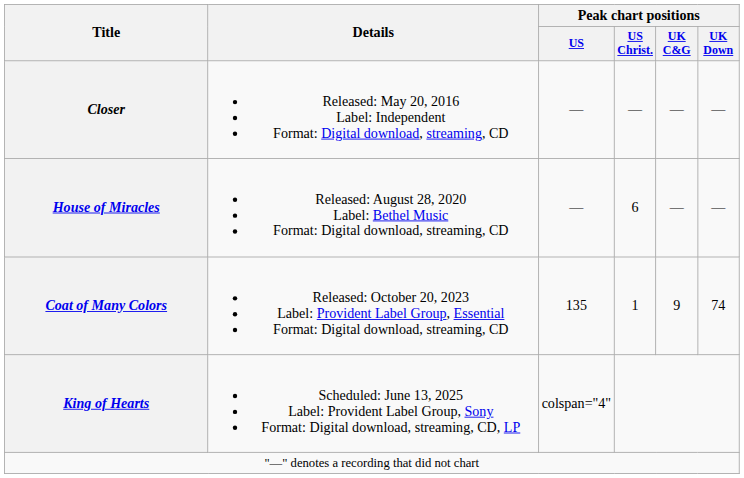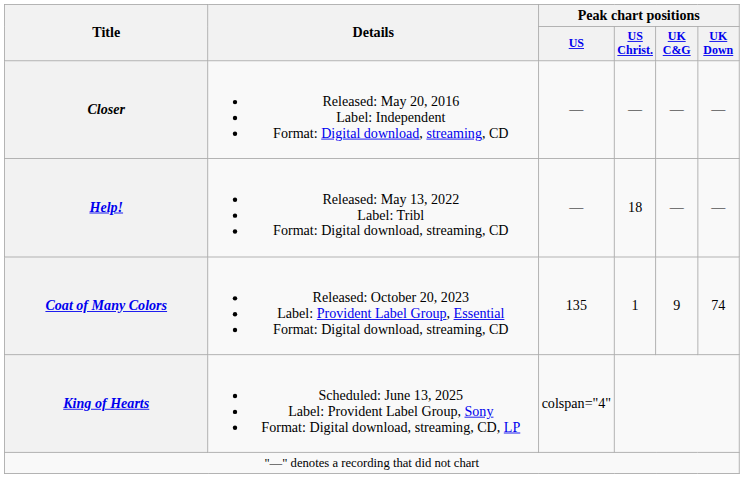 <table class="wikitable plainrowheaders" style="text-align:center;">
 <tr>
 <th scope="col" rowspan="2" style="width:14em;">Title</th>
 <th scope="col" rowspan="2" style="width:23em;">Details</th>
 <th scope="col" colspan="4">Peak chart positions</th>
 </tr>
 <tr>
 <th scope="col" style="width:3em;font-size:85%;"><a href='#'>US</a><br></th>
 <th scope="col" style="width:3em;font-size:85%;"><a href='#'>US<br>Christ.</a><br></th>
 <th scope="col" style="width:3em;font-size:85%;"><a href='#'>UK<br>C&G</a><br></th>
 <th scope="col" style="width:3em;font-size:85%;"><a href='#'>UK<br>Down</a><br></th>
 </tr>
 <tr>
 <th scope="row"><em>Closer</em></th>
 <td><br><ul><li>Released: May 20, 2016</li><li>Label: Independent</li><li>Format: <a href='#'>Digital download</a>, <a href='#'>streaming</a>, CD</li></ul></td>
 <td>—</td>
 <td>—</td>
 <td>—</td>
 <td>—</td>
 </tr>
 <tr>
-<th scope="row"><em><a href='#'>House of Miracles</a></em></th>
-<td><br><ul><li>Released: August 28, 2020</li><li>Label: <a href='#'>Bethel Music</a></li><li>Format: Digital download, streaming, CD</li></ul></td>
+<th scope="row"><em><a href='#'>Help!</a></em></th>
+<td><br><ul><li>Released: May 13, 2022</li><li>Label: Tribl</li><li>Format: Digital download, streaming, CD</li></ul></td>
 <td>—</td>
-<td>6</td>
+<td>18</td>
 <td>—</td>
 <td>—</td>
 </tr>
 <tr>
 <th scope="row"><em><a href='#'>Coat of Many Colors</a></em></th>
 <td><br><ul><li>Released: October 20, 2023</li><li>Label: <a href='#'>Provident Label Group</a>, <a href='#'>Essential</a></li><li>Format: Digital download, streaming, CD</li></ul></td>
 <td>135</td>
 <td>1</td>
 <td>9</td>
 <td>74</td>
 </tr>
 <tr>
 <th scope="row"><em><a href='#'>King of Hearts</a></em></th>
 <td><br><ul><li>Scheduled: June 13, 2025</li><li>Label: Provident Label Group, <a href='#'>Sony</a></li><li>Format: Digital download, streaming, CD, <a href='#'>LP</a></li></ul></td>
 <td>colspan="4" </td>
 </tr>
 <tr>
 <td colspan="6" style="font-size:90%">"—" denotes a recording that did not chart</td>
 </tr>
 </table>
